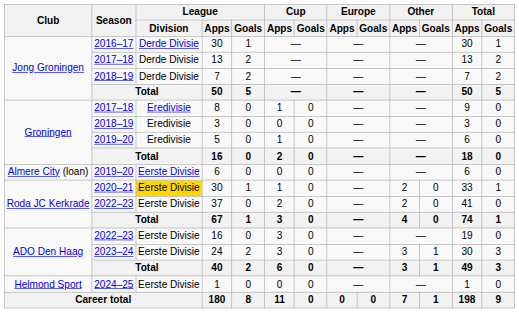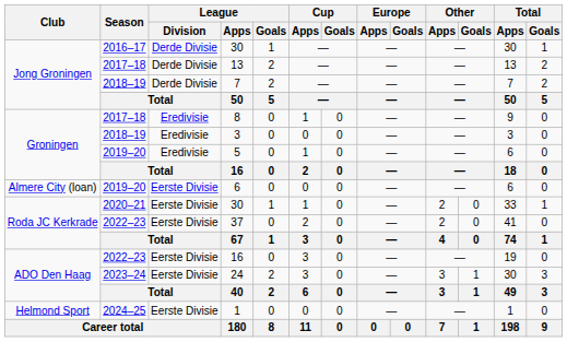 <table class="wikitable" style="text-align:center">
 <tr>
 <th rowspan="2">Club</th>
 <th rowspan="2">Season</th>
 <th colspan="3">League</th>
 <th colspan="2">Cup</th>
 <th colspan="2">Europe</th>
 <th colspan="2">Other</th>
 <th colspan="2">Total</th>
 </tr>
 <tr>
 <th>Division</th>
 <th>Apps</th>
 <th>Goals</th>
 <th>Apps</th>
 <th>Goals</th>
 <th>Apps</th>
 <th>Goals</th>
 <th>Apps</th>
 <th>Goals</th>
 <th>Apps</th>
 <th>Goals</th>
 </tr>
 <tr>
 <td rowspan="4"><a href='#'>Jong Groningen</a></td>
 <td><a href='#'>2016–17</a></td>
 <td><a href='#'>Derde Divisie</a></td>
 <td>30</td>
 <td>1</td>
 <td colspan="2">—</td>
 <td colspan="2">—</td>
 <td colspan="2">—</td>
 <td>30</td>
 <td>1</td>
 </tr>
 <tr>
 <td><a href='#'>2017–18</a></td>
 <td>Derde Divisie</td>
 <td>13</td>
 <td>2</td>
 <td colspan="2">—</td>
 <td colspan="2">—</td>
 <td colspan="2">—</td>
 <td>13</td>
 <td>2</td>
 </tr>
 <tr>
 <td><a href='#'>2018–19</a></td>
 <td>Derde Divisie</td>
 <td>7</td>
 <td>2</td>
 <td colspan="2">—</td>
 <td colspan="2">—</td>
 <td colspan="2">—</td>
 <td>7</td>
 <td>2</td>
 </tr>
 <tr>
 <th colspan="2">Total</th>
 <th>50</th>
 <th>5</th>
 <th colspan="2">—</th>
 <th colspan="2">—</th>
 <th colspan="2">—</th>
 <th>50</th>
 <th>5</th>
 </tr>
 <tr>
 <td rowspan="4"><a href='#'>Groningen</a></td>
 <td><a href='#'>2017–18</a></td>
 <td><a href='#'>Eredivisie</a></td>
 <td>8</td>
 <td>0</td>
 <td>1</td>
 <td>0</td>
 <td colspan="2">—</td>
 <td colspan="2">—</td>
 <td>9</td>
 <td>0</td>
 </tr>
 <tr>
 <td><a href='#'>2018–19</a></td>
 <td>Eredivisie</td>
 <td>3</td>
 <td>0</td>
 <td>0</td>
 <td>0</td>
 <td colspan="2">—</td>
 <td colspan="2">—</td>
 <td>3</td>
 <td>0</td>
 </tr>
 <tr>
 <td><a href='#'>2019–20</a></td>
 <td>Eredivisie</td>
 <td>5</td>
 <td>0</td>
 <td>1</td>
 <td>0</td>
 <td colspan="2">—</td>
 <td colspan="2">—</td>
 <td>6</td>
 <td>0</td>
 </tr>
 <tr>
 <th colspan="2">Total</th>
 <th>16</th>
 <th>0</th>
 <th>2</th>
 <th>0</th>
 <th colspan="2">—</th>
 <th colspan="2">—</th>
 <th>18</th>
 <th>0</th>
 </tr>
 <tr>
 <td><a href='#'>Almere City</a> (loan)</td>
 <td><a href='#'>2019–20</a></td>
 <td><a href='#'>Eerste Divisie</a></td>
 <td>6</td>
 <td>0</td>
 <td>0</td>
 <td>0</td>
 <td colspan="2">—</td>
 <td colspan="2">—</td>
 <td>6</td>
 <td>0</td>
 </tr>
 <tr>
 <td rowspan="3"><a href='#'>Roda JC Kerkrade</a></td>
 <td><a href='#'>2020–21</a></td>
-<td style="background: gold;">Eerste Divisie</td>
+<td>Eerste Divisie</td>
 <td>30</td>
 <td>1</td>
 <td>1</td>
 <td>0</td>
 <td colspan="2">—</td>
 <td>2</td>
 <td>0</td>
 <td>33</td>
 <td>1</td>
 </tr>
 <tr>
 <td><a href='#'>2022–23</a></td>
 <td>Eerste Divisie</td>
 <td>37</td>
 <td>0</td>
 <td>2</td>
 <td>0</td>
 <td colspan="2">—</td>
 <td>2</td>
 <td>0</td>
 <td>41</td>
 <td>0</td>
 </tr>
 <tr>
 <th colspan="2">Total</th>
 <th>67</th>
 <th>1</th>
 <th>3</th>
 <th>0</th>
 <th colspan="2">—</th>
 <th>4</th>
 <th>0</th>
 <th>74</th>
 <th>1</th>
 </tr>
 <tr>
 <td rowspan="3"><a href='#'>ADO Den Haag</a></td>
 <td><a href='#'>2022–23</a></td>
 <td>Eerste Divisie</td>
 <td>16</td>
 <td>0</td>
 <td>3</td>
 <td>0</td>
 <td colspan="2">—</td>
 <td colspan="2">—</td>
 <td>19</td>
 <td>0</td>
 </tr>
 <tr>
 <td><a href='#'>2023–24</a></td>
 <td>Eerste Divisie</td>
 <td>24</td>
 <td>2</td>
 <td>3</td>
 <td>0</td>
 <td colspan="2">—</td>
 <td>3</td>
 <td>1</td>
 <td>30</td>
 <td>3</td>
 </tr>
 <tr>
 <th colspan="2">Total</th>
 <th>40</th>
 <th>2</th>
 <th>6</th>
 <th>0</th>
 <th colspan="2">—</th>
 <th>3</th>
 <th>1</th>
 <th>49</th>
 <th>3</th>
 </tr>
 <tr>
 <td rowspan="1"><a href='#'>Helmond Sport</a></td>
 <td><a href='#'>2024–25</a></td>
 <td>Eerste Divisie</td>
 <td>1</td>
 <td>0</td>
 <td>0</td>
 <td>0</td>
 <td colspan="2">—</td>
 <td colspan="2">—</td>
 <td>1</td>
 <td>0</td>
 </tr>
 <tr>
 <th colspan="3">Career total</th>
 <th>180</th>
 <th>8</th>
 <th>11</th>
 <th>0</th>
 <th>0</th>
 <th>0</th>
 <th>7</th>
 <th>1</th>
 <th>198</th>
 <th>9</th>
 </tr>
 </table>
